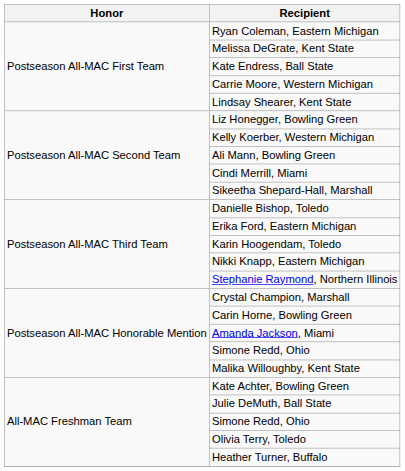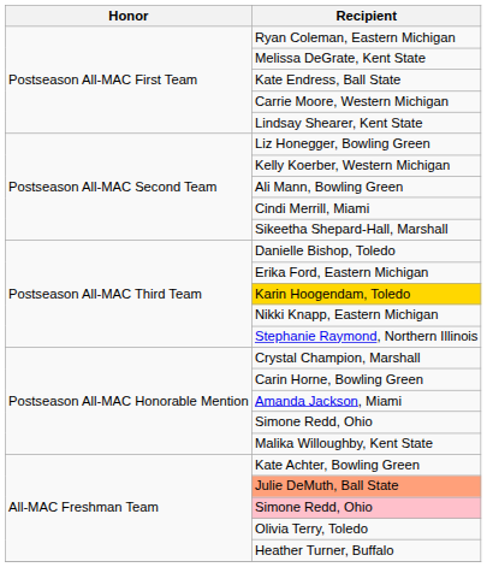 <table class="wikitable" border="1">
 <tr>
 <th>Honor</th>
 <th>Recipient</th>
 </tr>
 <tr>
 <td rowspan=5 valign=middle>Postseason All-MAC First Team</td>
 <td>Ryan Coleman, Eastern Michigan</td>
 </tr>
 <tr>
 <td>Melissa DeGrate, Kent State</td>
 </tr>
 <tr>
 <td>Kate Endress, Ball State</td>
 </tr>
 <tr>
 <td>Carrie Moore, Western Michigan</td>
 </tr>
 <tr>
 <td>Lindsay Shearer, Kent State</td>
 </tr>
 <tr>
 <td rowspan=5 valign=middle>Postseason All-MAC Second Team</td>
 <td>Liz Honegger, Bowling Green</td>
 </tr>
 <tr>
 <td>Kelly Koerber, Western Michigan</td>
 </tr>
 <tr>
 <td>Ali Mann, Bowling Green</td>
 </tr>
 <tr>
 <td>Cindi Merrill, Miami</td>
 </tr>
 <tr>
 <td>Sikeetha Shepard-Hall, Marshall</td>
 </tr>
 <tr>
 <td rowspan=5 valign=middle>Postseason All-MAC Third Team</td>
 <td>Danielle Bishop, Toledo</td>
 </tr>
 <tr>
 <td>Erika Ford, Eastern Michigan</td>
 </tr>
 <tr>
-<td>Karin Hoogendam, Toledo</td>
+<td style="background: gold;">Karin Hoogendam, Toledo</td>
 </tr>
 <tr>
 <td>Nikki Knapp, Eastern Michigan</td>
 </tr>
 <tr>
 <td><a href='#'>Stephanie Raymond</a>, Northern Illinois</td>
 </tr>
 <tr>
 <td rowspan=5 valign=middle>Postseason All-MAC Honorable Mention</td>
 <td>Crystal Champion, Marshall</td>
 </tr>
 <tr>
 <td>Carin Horne, Bowling Green</td>
 </tr>
 <tr>
 <td><a href='#'>Amanda Jackson</a>, Miami</td>
 </tr>
 <tr>
 <td>Simone Redd, Ohio</td>
 </tr>
 <tr>
 <td>Malika Willoughby, Kent State</td>
 </tr>
 <tr>
 <td rowspan=5 valign=middle>All-MAC Freshman Team</td>
 <td>Kate Achter, Bowling Green</td>
 </tr>
 <tr>
-<td>Julie DeMuth, Ball State</td>
+<td style="background: lightsalmon;">Julie DeMuth, Ball State</td>
 </tr>
 <tr>
-<td>Simone Redd, Ohio</td>
+<td style="background: pink;">Simone Redd, Ohio</td>
 </tr>
 <tr>
 <td>Olivia Terry, Toledo</td>
 </tr>
 <tr>
 <td>Heather Turner, Buffalo</td>
 </tr>
 <tr>
 </tr>
 </table>
